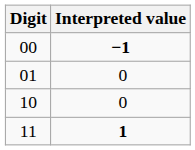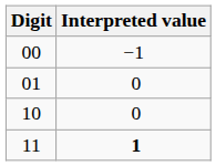 <table class="wikitable" align="right" style="margin-left: 3em; text-align:center;">
 <tr>
 <th>Digit</th>
 <th>Interpreted value</th>
 </tr>
 <tr>
 <td>00</td>
-<td><strong>−1</strong></td>
+<td>−1</td>
 </tr>
 <tr>
 <td>01</td>
 <td> 0</td>
 </tr>
 <tr>
 <td>10</td>
 <td> 0</td>
 </tr>
 <tr>
 <td>11</td>
 <td><strong> 1</strong></td>
 </tr>
 </table>
